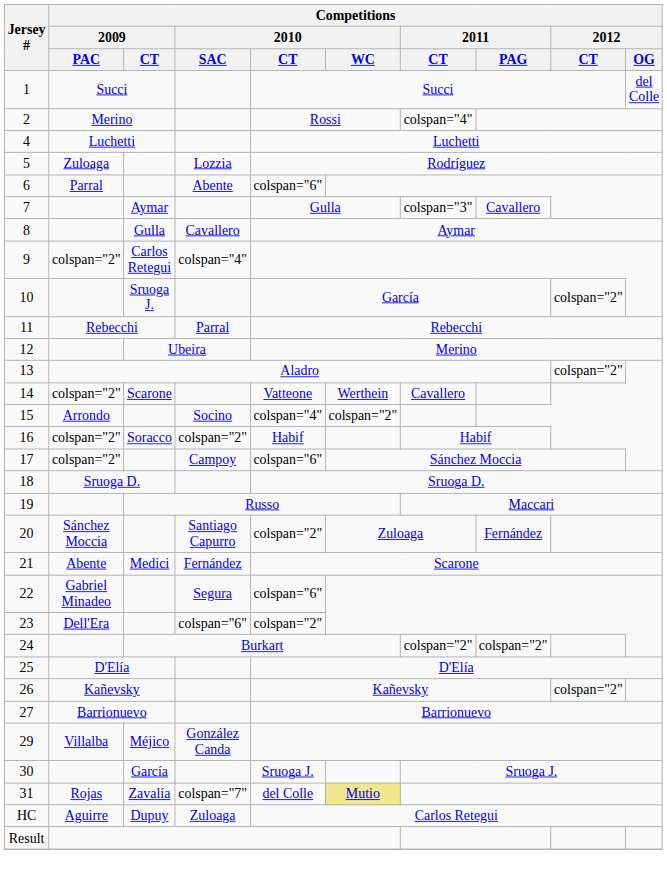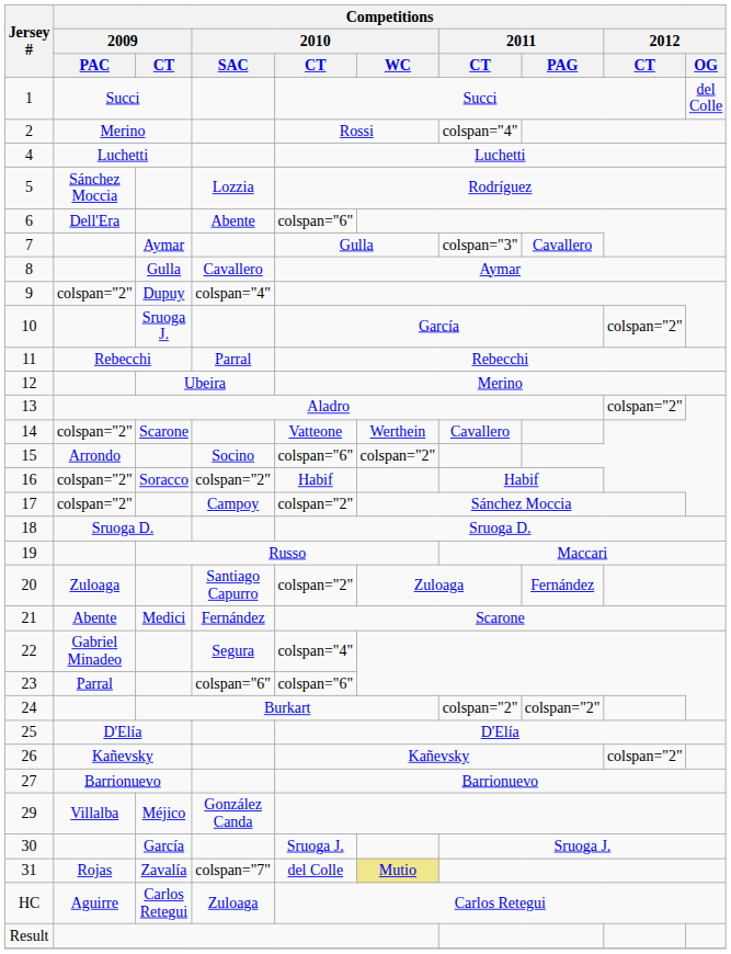 <table class="wikitable" style="text-align:center">
 <tr>
 <th rowspan="3">Jersey #</th>
 <th colspan="9">Competitions</th>
 </tr>
 <tr>
 <th colspan="2">2009</th>
 <th colspan="3">2010</th>
 <th colspan="2">2011</th>
 <th colspan="2">2012</th>
 </tr>
 <tr>
 <th><a href='#'>PAC</a></th>
 <th><a href='#'>CT</a></th>
 <th><a href='#'>SAC</a></th>
 <th><a href='#'>CT</a></th>
 <th><a href='#'>WC</a></th>
 <th><a href='#'>CT</a></th>
 <th><a href='#'>PAG</a></th>
 <th><a href='#'>CT</a></th>
 <th><a href='#'>OG</a></th>
 </tr>
 <tr>
 <td>1</td>
 <td colspan="2"><a href='#'>Succi</a></td>
 <td></td>
 <td colspan="5"><a href='#'>Succi</a></td>
 <td><a href='#'>del Colle</a></td>
 </tr>
 <tr>
 <td>2</td>
 <td colspan="2"><a href='#'>Merino</a></td>
 <td></td>
 <td colspan="2"><a href='#'>Rossi</a></td>
 <td>colspan="4"</td>
 </tr>
 <tr>
 <td>4</td>
 <td colspan="2"><a href='#'>Luchetti</a></td>
 <td></td>
 <td colspan="6"><a href='#'>Luchetti</a></td>
 </tr>
 <tr>
 <td>5</td>
-<td><a href='#'>Zuloaga</a></td>
+<td><a href='#'>Sánchez Moccia</a></td>
 <td></td>
 <td><a href='#'>Lozzia</a></td>
 <td colspan="6"><a href='#'>Rodríguez</a></td>
 </tr>
 <tr>
 <td>6</td>
-<td><a href='#'>Parral</a></td>
+<td><a href='#'>Dell'Era</a></td>
 <td></td>
 <td><a href='#'>Abente</a></td>
 <td>colspan="6"</td>
 </tr>
 <tr>
 <td>7</td>
 <td></td>
 <td><a href='#'>Aymar</a></td>
 <td></td>
 <td colspan="2"><a href='#'>Gulla</a></td>
 <td>colspan="3"</td>
 <td><a href='#'>Cavallero</a></td>
 </tr>
 <tr>
 <td>8</td>
 <td></td>
 <td><a href='#'>Gulla</a></td>
 <td><a href='#'>Cavallero</a></td>
 <td colspan="6"><a href='#'>Aymar</a></td>
 </tr>
 <tr>
 <td>9</td>
 <td>colspan="2"</td>
-<td><a href='#'>Carlos Retegui</a></td>
+<td><a href='#'>Dupuy</a></td>
 <td>colspan="4"</td>
 </tr>
 <tr>
 <td>10</td>
 <td></td>
 <td><a href='#'>Sruoga J.</a></td>
 <td></td>
 <td colspan="4"><a href='#'>García</a></td>
 <td>colspan="2"</td>
 </tr>
 <tr>
 <td>11</td>
 <td colspan="2"><a href='#'>Rebecchi</a></td>
 <td><a href='#'>Parral</a></td>
 <td colspan="6"><a href='#'>Rebecchi</a></td>
 </tr>
 <tr>
 <td>12</td>
 <td></td>
 <td colspan="2"><a href='#'>Ubeira</a></td>
 <td colspan="6"><a href='#'>Merino</a></td>
 </tr>
 <tr>
 <td>13</td>
 <td colspan="7"><a href='#'>Aladro</a></td>
 <td>colspan="2"</td>
 </tr>
 <tr>
 <td>14</td>
 <td>colspan="2"</td>
 <td><a href='#'>Scarone</a></td>
 <td></td>
 <td><a href='#'>Vatteone</a></td>
 <td><a href='#'>Werthein</a></td>
 <td><a href='#'>Cavallero</a></td>
 <td></td>
 </tr>
 <tr>
 <td>15</td>
 <td><a href='#'>Arrondo</a></td>
 <td></td>
 <td><a href='#'>Socino</a></td>
-<td>colspan="4"</td>
+<td>colspan="6"</td>
 <td>colspan="2"</td>
 <td></td>
 </tr>
 <tr>
 <td>16</td>
 <td>colspan="2"</td>
 <td><a href='#'>Soracco</a></td>
 <td>colspan="2"</td>
 <td><a href='#'>Habif</a></td>
 <td></td>
 <td colspan="2"><a href='#'>Habif</a></td>
 </tr>
 <tr>
 <td>17</td>
 <td>colspan="2"</td>
 <td></td>
 <td><a href='#'>Campoy</a></td>
-<td>colspan="6"</td>
+<td>colspan="2"</td>
 <td colspan="4"><a href='#'>Sánchez Moccia</a></td>
 </tr>
 <tr>
 <td>18</td>
 <td colspan="2"><a href='#'>Sruoga D.</a></td>
 <td></td>
 <td colspan="6"><a href='#'>Sruoga D.</a></td>
 </tr>
 <tr>
 <td>19</td>
 <td></td>
 <td colspan="4"><a href='#'>Russo</a></td>
 <td colspan="4"><a href='#'>Maccari</a></td>
 </tr>
 <tr>
 <td>20</td>
-<td><a href='#'>Sánchez Moccia</a></td>
+<td><a href='#'>Zuloaga</a></td>
 <td></td>
 <td><a href='#'>Santiago Capurro</a></td>
 <td>colspan="2"</td>
 <td colspan="2"><a href='#'>Zuloaga</a></td>
 <td><a href='#'>Fernández</a></td>
 </tr>
 <tr>
 <td>21</td>
 <td><a href='#'>Abente</a></td>
 <td><a href='#'>Medici</a></td>
 <td><a href='#'>Fernández</a></td>
 <td colspan="6"><a href='#'>Scarone</a></td>
 </tr>
 <tr>
 <td>22</td>
 <td><a href='#'>Gabriel Minadeo</a></td>
 <td></td>
 <td><a href='#'>Segura</a></td>
-<td>colspan="6"</td>
+<td>colspan="4"</td>
 </tr>
 <tr>
 <td>23</td>
-<td><a href='#'>Dell'Era</a></td>
+<td><a href='#'>Parral</a></td>
 <td></td>
 <td>colspan="6"</td>
-<td>colspan="2"</td>
+<td>colspan="6"</td>
 </tr>
 <tr>
 <td>24</td>
 <td></td>
 <td colspan="4"><a href='#'>Burkart</a></td>
 <td>colspan="2"</td>
 <td>colspan="2"</td>
 <td></td>
 </tr>
 <tr>
 <td>25</td>
 <td colspan="2"><a href='#'>D'Elía</a></td>
 <td></td>
 <td colspan="6"><a href='#'>D'Elía</a></td>
 </tr>
 <tr>
 <td>26</td>
 <td colspan="2"><a href='#'>Kañevsky</a></td>
 <td></td>
 <td colspan="4"><a href='#'>Kañevsky</a></td>
 <td>colspan="2"</td>
 </tr>
 <tr>
 <td>27</td>
 <td colspan="2"><a href='#'>Barrionuevo</a></td>
 <td></td>
 <td colspan="6"><a href='#'>Barrionuevo</a></td>
 </tr>
 <tr>
 <td>29</td>
 <td><a href='#'>Villalba</a></td>
 <td><a href='#'>Méjico</a></td>
 <td><a href='#'>González Canda</a></td>
 </tr>
 <tr>
 <td>30</td>
 <td></td>
 <td><a href='#'>García</a></td>
 <td></td>
 <td><a href='#'>Sruoga J.</a></td>
 <td></td>
 <td colspan="5"><a href='#'>Sruoga J.</a></td>
 </tr>
 <tr>
 <td>31</td>
 <td><a href='#'>Rojas</a></td>
 <td><a href='#'>Zavalía</a></td>
 <td>colspan="7"</td>
 <td><a href='#'>del Colle</a></td>
 <td style="background: khaki;"><a href='#'>Mutio</a></td>
 </tr>
 <tr>
 <td>HC</td>
 <td><a href='#'>Aguirre</a></td>
-<td><a href='#'>Dupuy</a></td>
+<td><a href='#'>Carlos Retegui</a></td>
 <td><a href='#'>Zuloaga</a></td>
 <td colspan="6"><a href='#'>Carlos Retegui</a></td>
 </tr>
 <tr>
 <td>Result</td>
 <td colspan="5"></td>
 <td colspan="2"></td>
 <td></td>
 <td></td>
 </tr>
 <tr>
 </tr>
 </table>
